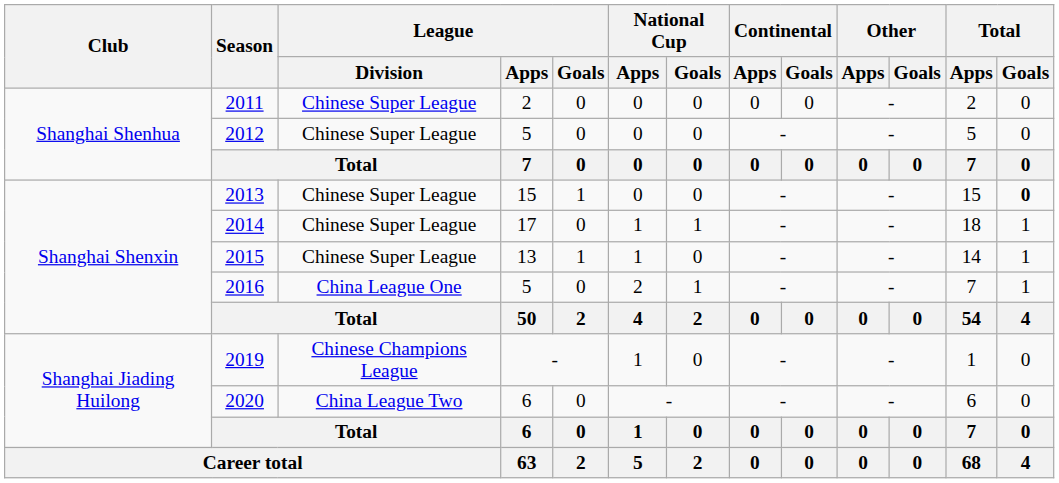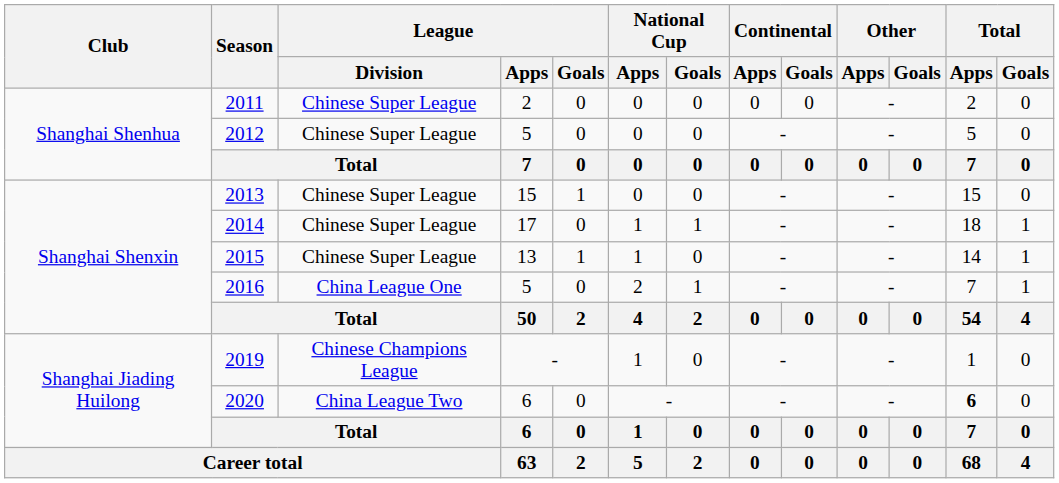 <table class="wikitable" style="text-align: center">
 <tr>
 <th rowspan="2">Club</th>
 <th rowspan="2">Season</th>
 <th colspan="3">League</th>
 <th colspan="2">National Cup</th>
 <th colspan="2">Continental</th>
 <th colspan="2">Other</th>
 <th colspan="2">Total</th>
 </tr>
 <tr>
 <th>Division</th>
 <th>Apps</th>
 <th>Goals</th>
 <th>Apps</th>
 <th>Goals</th>
 <th>Apps</th>
 <th>Goals</th>
 <th>Apps</th>
 <th>Goals</th>
 <th>Apps</th>
 <th>Goals</th>
 </tr>
 <tr>
 <td rowspan=3><a href='#'>Shanghai Shenhua</a></td>
 <td><a href='#'>2011</a></td>
 <td><a href='#'>Chinese Super League</a></td>
 <td>2</td>
 <td>0</td>
 <td>0</td>
 <td>0</td>
 <td>0</td>
 <td>0</td>
 <td colspan="2">-</td>
 <td>2</td>
 <td>0</td>
 </tr>
 <tr>
 <td><a href='#'>2012</a></td>
 <td>Chinese Super League</td>
 <td>5</td>
 <td>0</td>
 <td>0</td>
 <td>0</td>
 <td colspan="2">-</td>
 <td colspan="2">-</td>
 <td>5</td>
 <td>0</td>
 </tr>
 <tr>
 <th colspan="2">Total</th>
 <th>7</th>
 <th>0</th>
 <th>0</th>
 <th>0</th>
 <th>0</th>
 <th>0</th>
 <th>0</th>
 <th>0</th>
 <th>7</th>
 <th>0</th>
 </tr>
 <tr>
 <td rowspan=5><a href='#'>Shanghai Shenxin</a></td>
 <td><a href='#'>2013</a></td>
 <td>Chinese Super League</td>
 <td>15</td>
 <td>1</td>
 <td>0</td>
 <td>0</td>
 <td colspan="2">-</td>
 <td colspan="2">-</td>
 <td>15</td>
-<td><strong>0</strong></td>
+<td>0</td>
 </tr>
 <tr>
 <td><a href='#'>2014</a></td>
 <td>Chinese Super League</td>
 <td>17</td>
 <td>0</td>
 <td>1</td>
 <td>1</td>
 <td colspan="2">-</td>
 <td colspan="2">-</td>
 <td>18</td>
 <td>1</td>
 </tr>
 <tr>
 <td><a href='#'>2015</a></td>
 <td>Chinese Super League</td>
 <td>13</td>
 <td>1</td>
 <td>1</td>
 <td>0</td>
 <td colspan="2">-</td>
 <td colspan="2">-</td>
 <td>14</td>
 <td>1</td>
 </tr>
 <tr>
 <td><a href='#'>2016</a></td>
 <td><a href='#'>China League One</a></td>
 <td>5</td>
 <td>0</td>
 <td>2</td>
 <td>1</td>
 <td colspan="2">-</td>
 <td colspan="2">-</td>
 <td>7</td>
 <td>1</td>
 </tr>
 <tr>
 <th colspan="2">Total</th>
 <th>50</th>
 <th>2</th>
 <th>4</th>
 <th>2</th>
 <th>0</th>
 <th>0</th>
 <th>0</th>
 <th>0</th>
 <th>54</th>
 <th>4</th>
 </tr>
 <tr>
 <td rowspan=3><a href='#'>Shanghai Jiading Huilong</a></td>
 <td><a href='#'>2019</a></td>
 <td><a href='#'>Chinese Champions League</a></td>
 <td colspan="2">-</td>
 <td>1</td>
 <td>0</td>
 <td colspan="2">-</td>
 <td colspan="2">-</td>
 <td>1</td>
 <td>0</td>
 </tr>
 <tr>
 <td><a href='#'>2020</a></td>
 <td><a href='#'>China League Two</a></td>
 <td>6</td>
 <td>0</td>
 <td colspan="2">-</td>
 <td colspan="2">-</td>
 <td colspan="2">-</td>
-<td>6</td>
+<td><strong>6</strong></td>
 <td>0</td>
 </tr>
 <tr>
 <th colspan="2">Total</th>
 <th>6</th>
 <th>0</th>
 <th>1</th>
 <th>0</th>
 <th>0</th>
 <th>0</th>
 <th>0</th>
 <th>0</th>
 <th>7</th>
 <th>0</th>
 </tr>
 <tr>
 <th colspan=3>Career total</th>
 <th>63</th>
 <th>2</th>
 <th>5</th>
 <th>2</th>
 <th>0</th>
 <th>0</th>
 <th>0</th>
 <th>0</th>
 <th>68</th>
 <th>4</th>
 </tr>
 </table>
